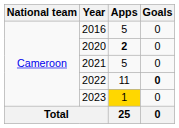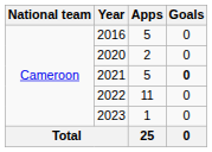 <table class="wikitable" style="text-align:center">
 <tr>
 <th>National team</th>
 <th>Year</th>
 <th>Apps</th>
 <th>Goals</th>
 </tr>
 <tr>
 <td rowspan="5"><a href='#'>Cameroon</a></td>
 <td>2016</td>
 <td>5</td>
 <td>0</td>
 </tr>
 <tr>
 <td>2020</td>
-<td><strong>2</strong></td>
+<td>2</td>
 <td>0</td>
 </tr>
 <tr>
 <td>2021</td>
 <td>5</td>
-<td>0</td>
+<td><strong>0</strong></td>
 </tr>
 <tr>
 <td>2022</td>
 <td>11</td>
-<td><strong>0</strong></td>
+<td>0</td>
 </tr>
 <tr>
 <td>2023</td>
-<td style="background: gold;">1</td>
+<td>1</td>
 <td>0</td>
 </tr>
 <tr>
 <th colspan="2">Total</th>
 <th>25</th>
 <th>0</th>
 </tr>
 </table>
